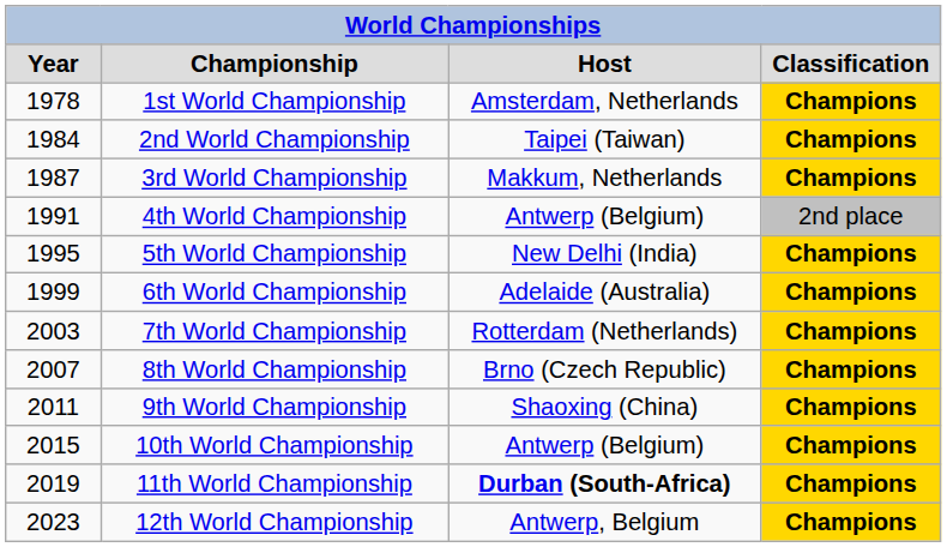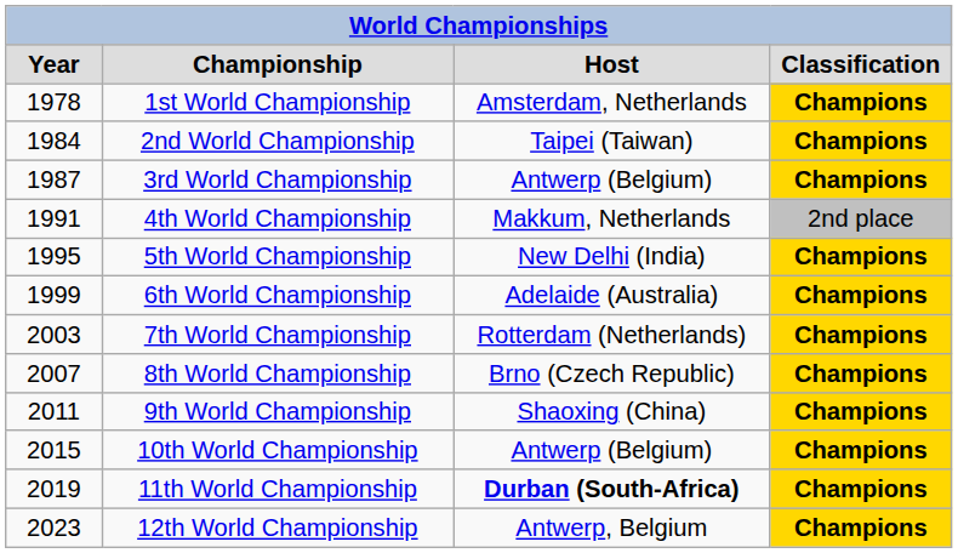 <table class="wikitable" style=font-size:90%>
 <tr align=center style="background:#B0C4DE;">
 <td colspan=4><strong><a href='#'>World Championships</a></strong></td>
 </tr>
 <tr align=center bgcolor="#dddddd">
 <td width=50><strong>Year</strong></td>
 <td width=200><strong>Championship</strong></td>
 <td width=180><strong>Host</strong></td>
 <td width=100><strong>Classification</strong></td>
 </tr>
 <tr align=center>
 <td>1978</td>
 <td><a href='#'>1st World Championship</a></td>
 <td><a href='#'>Amsterdam</a>, Netherlands</td>
 <td bgcolor="gold" align="center">  <strong>Champions</strong></td>
 </tr>
 <tr align=center>
 <td>1984</td>
 <td><a href='#'>2nd World Championship</a></td>
 <td><a href='#'>Taipei</a> (Taiwan)</td>
 <td bgcolor="gold" align="center">  <strong>Champions</strong></td>
 </tr>
 <tr align=center>
 <td>1987</td>
 <td><a href='#'>3rd World Championship</a></td>
-<td><a href='#'>Makkum</a>, Netherlands</td>
+<td><a href='#'>Antwerp</a> (Belgium)</td>
 <td bgcolor="gold" align="center">  <strong>Champions</strong></td>
 </tr>
 <tr align=center>
 <td>1991</td>
 <td><a href='#'>4th World Championship</a></td>
-<td><a href='#'>Antwerp</a> (Belgium)</td>
+<td><a href='#'>Makkum</a>, Netherlands</td>
 <td bgcolor="silver" align="center"> 2nd place</td>
 </tr>
 <tr align=center>
 <td>1995</td>
 <td><a href='#'>5th World Championship</a></td>
 <td><a href='#'>New Delhi</a> (India)</td>
 <td bgcolor="gold" align="center">  <strong>Champions</strong></td>
 </tr>
 <tr align=center>
 <td>1999</td>
 <td><a href='#'>6th World Championship</a></td>
 <td><a href='#'>Adelaide</a> (Australia)</td>
 <td bgcolor="gold" align="center">  <strong>Champions</strong></td>
 </tr>
 <tr align=center>
 <td>2003</td>
 <td><a href='#'>7th World Championship</a></td>
 <td><a href='#'>Rotterdam</a> (Netherlands)</td>
 <td bgcolor="gold" align="center">  <strong>Champions</strong></td>
 </tr>
 <tr align=center>
 <td>2007</td>
 <td><a href='#'>8th World Championship</a></td>
 <td><a href='#'>Brno</a> (Czech Republic)</td>
 <td bgcolor="gold" align="center">  <strong>Champions</strong></td>
 </tr>
 <tr align=center>
 <td>2011</td>
 <td><a href='#'>9th World Championship</a></td>
 <td><a href='#'>Shaoxing</a> (China)</td>
 <td bgcolor="gold" align="center">  <strong>Champions</strong></td>
 </tr>
 <tr align=center>
 <td>2015</td>
 <td><a href='#'>10th World Championship</a></td>
 <td><a href='#'>Antwerp</a> (Belgium)</td>
 <td bgcolor="gold" align="center">  <strong>Champions</strong></td>
 </tr>
 <tr align=center>
 <td>2019</td>
 <td><a href='#'>11th World Championship</a></td>
 <td><strong><a href='#'>Durban</a> (South-Africa)</strong></td>
 <td bgcolor="gold" align="center">  <strong>Champions</strong></td>
 </tr>
 <tr align=center>
 <td>2023</td>
 <td><a href='#'>12th World Championship</a></td>
 <td><a href='#'>Antwerp</a>, Belgium</td>
 <td bgcolor="gold" align="center">  <strong>Champions</strong></td>
 </tr>
 </table>
